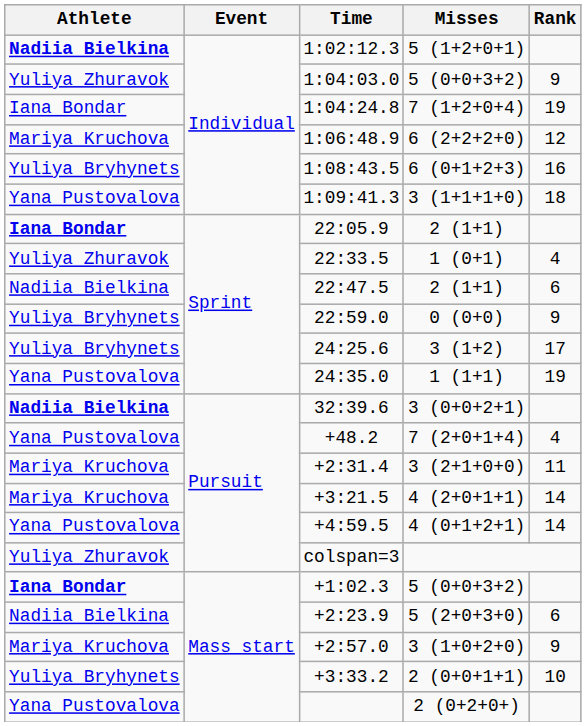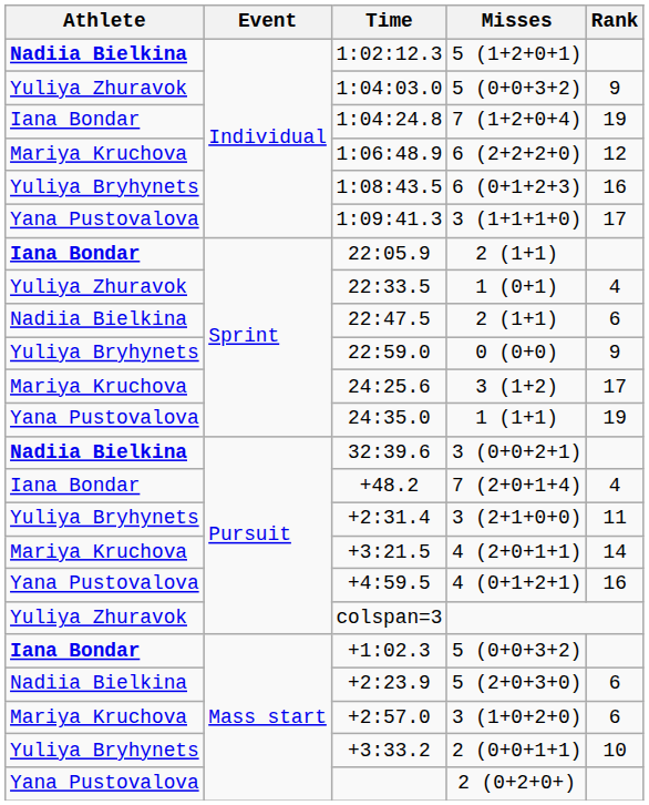 <table class=wikitable style=font-size:90%;text-align:center>
 <tr>
 <th>Athlete</th>
 <th>Event</th>
 <th>Time</th>
 <th>Misses</th>
 <th>Rank</th>
 </tr>
 <tr>
 <td align=left><strong><a href='#'>Nadiia Bielkina</a></strong></td>
 <td align=left rowspan=6><a href='#'>Individual</a></td>
 <td>1:02:12.3</td>
 <td>5 (1+2+0+1)</td>
 <td></td>
 </tr>
 <tr>
 <td align=left><a href='#'>Yuliya Zhuravok</a></td>
 <td>1:04:03.0</td>
 <td>5 (0+0+3+2)</td>
 <td>9</td>
 </tr>
 <tr>
 <td align=left><a href='#'>Iana Bondar</a></td>
 <td>1:04:24.8</td>
 <td>7 (1+2+0+4)</td>
 <td>19</td>
 </tr>
 <tr>
 <td align=left><a href='#'>Mariya Kruchova</a></td>
 <td>1:06:48.9</td>
 <td>6 (2+2+2+0)</td>
 <td>12</td>
 </tr>
 <tr>
 <td align=left><a href='#'>Yuliya Bryhynets</a></td>
 <td>1:08:43.5</td>
 <td>6 (0+1+2+3)</td>
 <td>16</td>
 </tr>
 <tr>
 <td align=left><a href='#'>Yana Pustovalova</a></td>
 <td>1:09:41.3</td>
 <td>3 (1+1+1+0)</td>
-<td>18</td>
+<td>17</td>
 </tr>
 <tr>
 <td align=left><strong><a href='#'>Iana Bondar</a></strong></td>
 <td align=left rowspan=6><a href='#'>Sprint</a></td>
 <td>22:05.9</td>
 <td>2 (1+1)</td>
 <td></td>
 </tr>
 <tr>
 <td align=left><a href='#'>Yuliya Zhuravok</a></td>
 <td>22:33.5</td>
 <td>1 (0+1)</td>
 <td>4</td>
 </tr>
 <tr>
 <td align=left><a href='#'>Nadiia Bielkina</a></td>
 <td>22:47.5</td>
 <td>2 (1+1)</td>
 <td>6</td>
 </tr>
 <tr>
 <td align=left><a href='#'>Yuliya Bryhynets</a></td>
 <td>22:59.0</td>
 <td>0 (0+0)</td>
 <td>9</td>
 </tr>
 <tr>
-<td align=left><a href='#'>Yuliya Bryhynets</a></td>
+<td align=left><a href='#'>Mariya Kruchova</a></td>
 <td>24:25.6</td>
 <td>3 (1+2)</td>
 <td>17</td>
 </tr>
 <tr>
 <td align=left><a href='#'>Yana Pustovalova</a></td>
 <td>24:35.0</td>
 <td>1 (1+1)</td>
 <td>19</td>
 </tr>
 <tr>
 <td align=left><strong><a href='#'>Nadiia Bielkina</a></strong></td>
 <td align=left rowspan=6><a href='#'>Pursuit</a></td>
 <td>32:39.6</td>
 <td>3 (0+0+2+1)</td>
 <td></td>
 </tr>
 <tr>
-<td align=left><a href='#'>Yana Pustovalova</a></td>
+<td align=left><a href='#'>Iana Bondar</a></td>
 <td>+48.2</td>
 <td>7 (2+0+1+4)</td>
 <td>4</td>
 </tr>
 <tr>
-<td align=left><a href='#'>Mariya Kruchova</a></td>
+<td align=left><a href='#'>Yuliya Bryhynets</a></td>
 <td>+2:31.4</td>
 <td>3 (2+1+0+0)</td>
 <td>11</td>
 </tr>
 <tr>
 <td align=left><a href='#'>Mariya Kruchova</a></td>
 <td>+3:21.5</td>
 <td>4 (2+0+1+1)</td>
 <td>14</td>
 </tr>
 <tr>
 <td align=left><a href='#'>Yana Pustovalova</a></td>
 <td>+4:59.5</td>
 <td>4 (0+1+2+1)</td>
-<td>14</td>
+<td>16</td>
 </tr>
 <tr>
 <td align=left><a href='#'>Yuliya Zhuravok</a></td>
 <td>colspan=3 </td>
 </tr>
 <tr>
 <td align=left><strong><a href='#'>Iana Bondar</a></strong></td>
 <td align=left rowspan=5><a href='#'>Mass start</a></td>
 <td>+1:02.3</td>
 <td>5 (0+0+3+2)</td>
 <td></td>
 </tr>
 <tr>
 <td align=left><a href='#'>Nadiia Bielkina</a></td>
 <td>+2:23.9</td>
 <td>5 (2+0+3+0)</td>
 <td>6</td>
 </tr>
 <tr>
 <td align=left><a href='#'>Mariya Kruchova</a></td>
 <td>+2:57.0</td>
 <td>3 (1+0+2+0)</td>
-<td>9</td>
+<td>6</td>
 </tr>
 <tr>
 <td align=left><a href='#'>Yuliya Bryhynets</a></td>
 <td>+3:33.2</td>
 <td>2 (0+0+1+1)</td>
 <td>10</td>
 </tr>
 <tr>
 <td align=left><a href='#'>Yana Pustovalova</a></td>
 <td></td>
 <td>2 (0+2+0+)</td>
 <td></td>
 </tr>
 </table>
